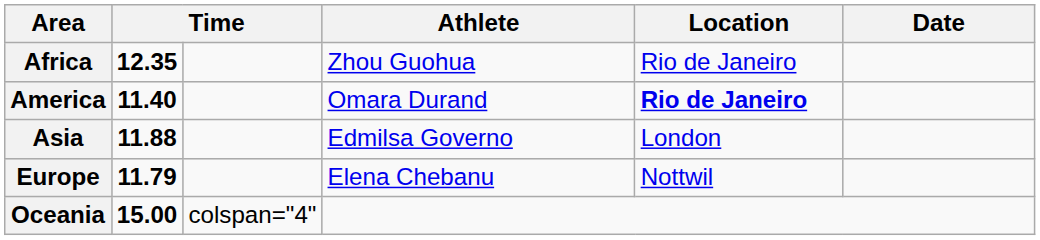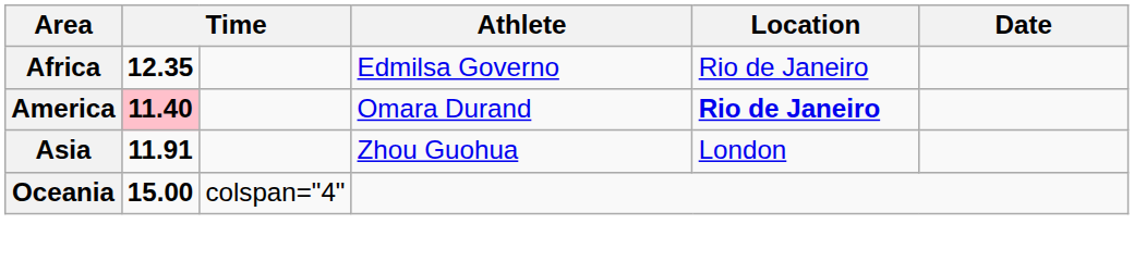 <table class="wikitable">
 <tr>
 <th width="45">Area</th>
 <th width="80" colspan="2">Time</th>
 <th width="200">Athlete</th>
 <th width="130">Location</th>
 <th width="120">Date</th>
 </tr>
 <tr>
 <th>Africa</th>
 <td align="center"><strong>12.35</strong></td>
 <td align="center"></td>
-<td> <a href='#'>Zhou Guohua</a></td>
+<td> <a href='#'>Edmilsa Governo</a></td>
 <td> <a href='#'>Rio de Janeiro</a></td>
 <td align="right"></td>
 </tr>
 <tr>
 <th>America</th>
-<td align="center"><strong>11.40</strong></td>
+<td align="center" style="background: pink;"><strong>11.40</strong></td>
 <td align="center"><strong></strong></td>
 <td> <a href='#'>Omara Durand</a></td>
 <td><strong> <a href='#'>Rio de Janeiro</a></strong></td>
 <td align="right"></td>
 </tr>
 <tr>
 <th>Asia</th>
-<td align="center"><strong>11.88</strong></td>
+<td align="center"><strong>11.91</strong></td>
 <td align="center"></td>
-<td> <a href='#'>Edmilsa Governo</a></td>
+<td> <a href='#'>Zhou Guohua</a></td>
 <td> <a href='#'>London</a></td>
-<td align="right"></td>
-</tr>
-<tr>
-<th>Europe</th>
-<td align="center"><strong>11.79</strong></td>
-<td align="center"></td>
-<td> <a href='#'>Elena Chebanu</a></td>
-<td> <a href='#'>Nottwil</a></td>
 <td align="right"></td>
 </tr>
 <tr>
 <th>Oceania</th>
 <td align="center"><strong>15.00</strong></td>
 <td>colspan="4" </td>
 </tr>
 </table>
